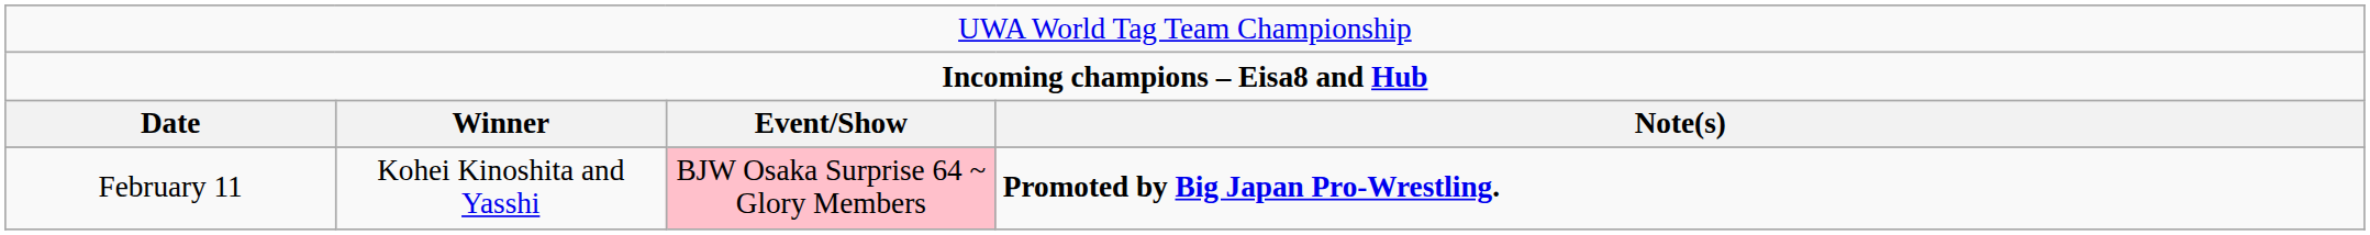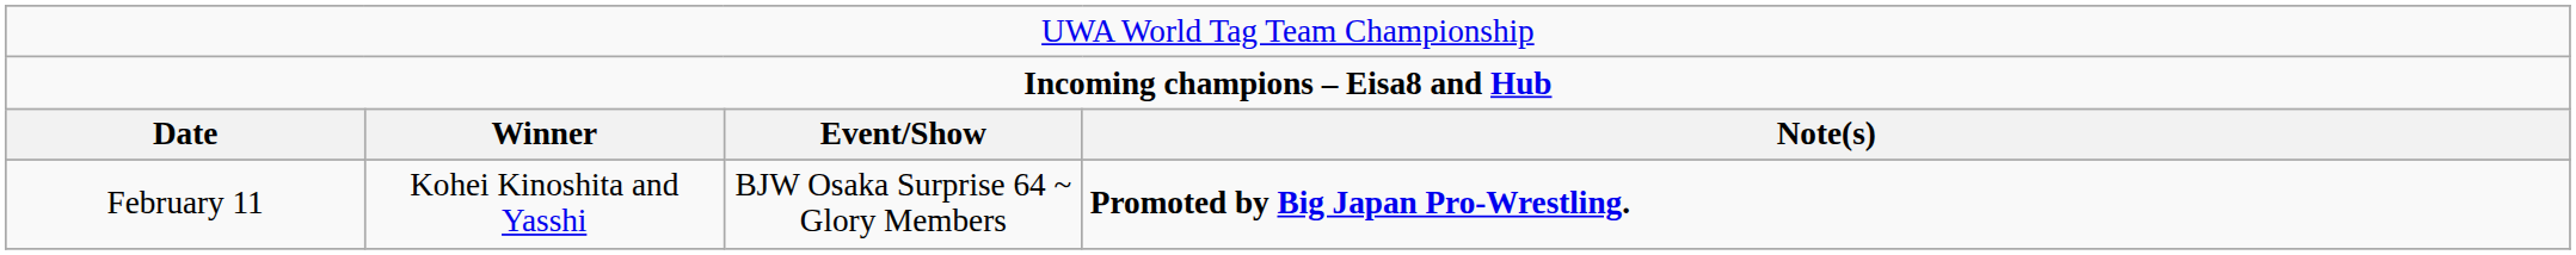 <table class="wikitable" style="text-align:center; width:100%;">
 <tr>
 <td colspan="5" style="text-align: center;"><a href='#'>UWA World Tag Team Championship</a></td>
 </tr>
 <tr>
 <td colspan="5" style="text-align: center;"><strong>Incoming champions – Eisa8 and <a href='#'>Hub</a></strong></td>
 </tr>
 <tr>
 <th width=14%>Date</th>
 <th width=14%>Winner</th>
 <th width=14%>Event/Show</th>
 <th width=58%>Note(s)</th>
 </tr>
 <tr>
 <td>February 11</td>
 <td>Kohei Kinoshita and <a href='#'>Yasshi</a></td>
-<td style="background: pink;">BJW Osaka Surprise 64 ~ Glory Members</td>
+<td>BJW Osaka Surprise 64 ~ Glory Members</td>
 <td align=left><strong>Promoted by <a href='#'>Big Japan Pro-Wrestling</a>.</strong></td>
 </tr>
 </table>
